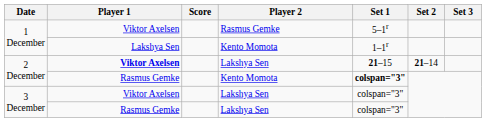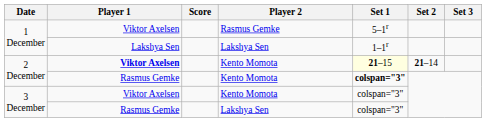 <table class="wikitable" style="font-size:90%; text-align:center">
 <tr>
 <th width="50">Date</th>
 <th width="200">Player 1</th>
 <th width="50">Score</th>
 <th width="200">Player 2</th>
 <th width="50">Set 1</th>
 <th width="50">Set 2</th>
 <th width="50">Set 3</th>
 </tr>
 <tr>
 <td rowspan=2>1 December</td>
 <td align="right"><a href='#'>Viktor Axelsen</a> </td>
 <td></td>
 <td align="left"> <a href='#'>Rasmus Gemke</a></td>
 <td>5–1<sup>r</sup></td>
 <td></td>
 <td></td>
 </tr>
 <tr>
 <td align="right"><a href='#'>Lakshya Sen</a> </td>
 <td></td>
-<td align="left"> <a href='#'>Kento Momota</a></td>
+<td align="left"> <a href='#'>Lakshya Sen</a></td>
 <td>1–1<sup>r</sup></td>
 <td></td>
 <td></td>
 </tr>
 <tr>
 <td rowspan=2>2 December</td>
 <td align="right"><strong><a href='#'>Viktor Axelsen</a> </strong></td>
 <td></td>
-<td align="left"> <a href='#'>Lakshya Sen</a></td>
-<td><strong>21</strong>–15</td>
+<td align="left"> <a href='#'>Kento Momota</a></td>
+<td style="background: lightyellow;"><strong>21</strong>–15</td>
 <td><strong>21</strong>–14</td>
 <td></td>
 </tr>
 <tr>
 <td align="right"><a href='#'>Rasmus Gemke</a> </td>
 <td></td>
 <td align="left"> <a href='#'>Kento Momota</a></td>
 <td><strong>colspan="3" </strong></td>
 </tr>
 <tr>
 <td rowspan=2>3 December</td>
 <td align="right"><a href='#'>Viktor Axelsen</a> </td>
 <td></td>
-<td align="left"> <a href='#'>Lakshya Sen</a></td>
+<td align="left"> <a href='#'>Kento Momota</a></td>
 <td>colspan="3" </td>
 </tr>
 <tr>
 <td align="right"><a href='#'>Rasmus Gemke</a> </td>
 <td></td>
 <td align="left"> <a href='#'>Lakshya Sen</a></td>
 <td>colspan="3" </td>
 </tr>
 </table>
